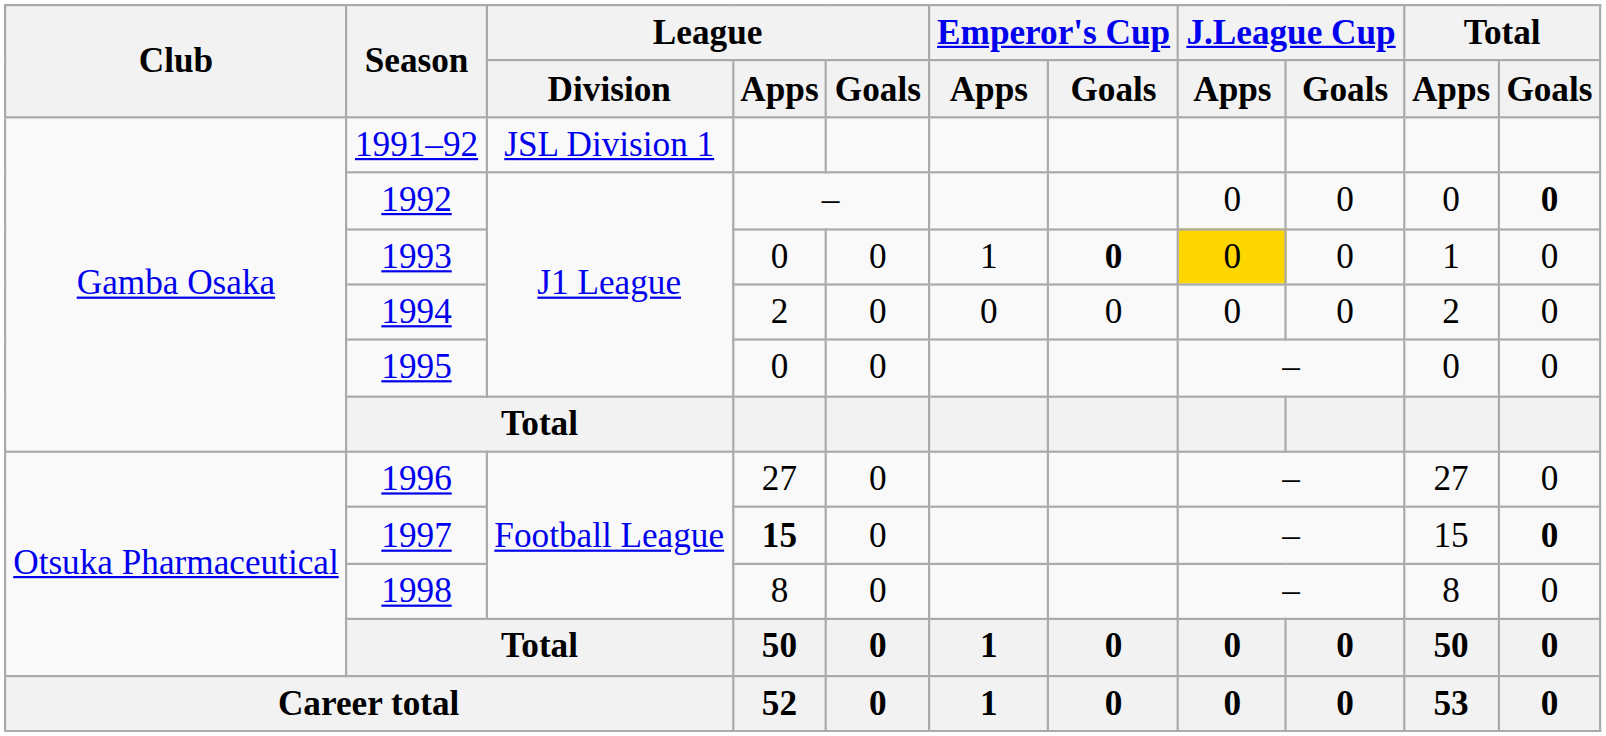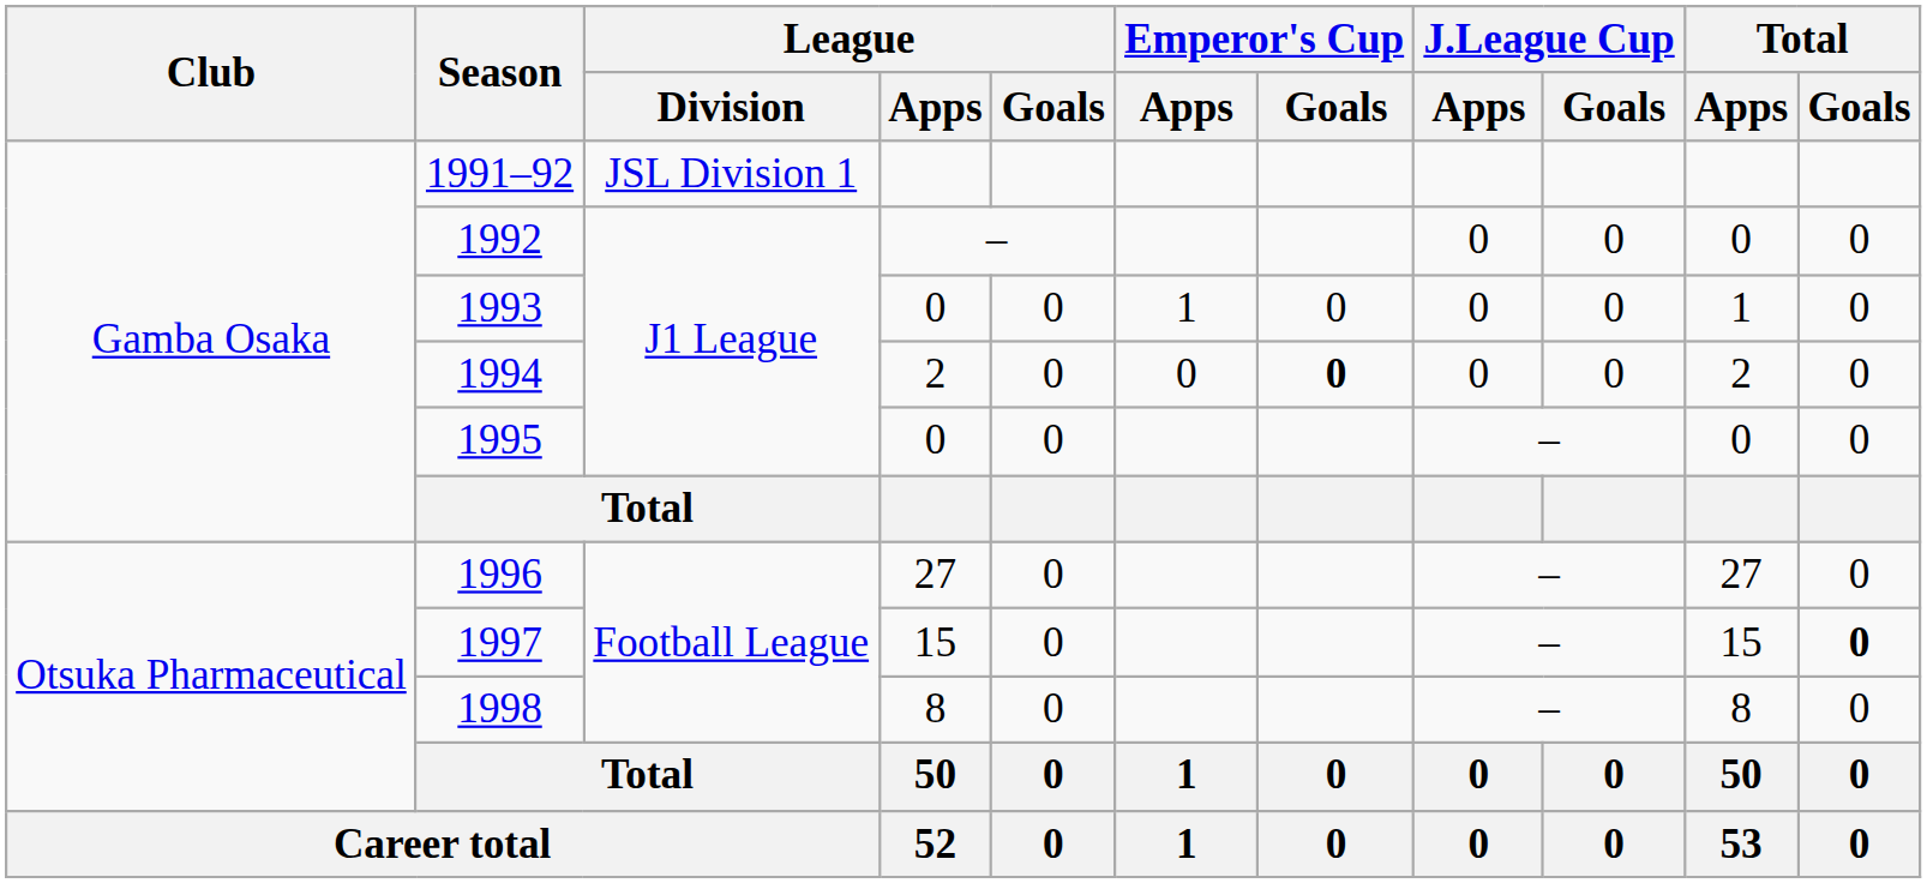 <table class="wikitable" style="text-align:center">
 <tr>
 <th rowspan="2">Club</th>
 <th rowspan="2">Season</th>
 <th colspan="3">League</th>
 <th colspan="2"><a href='#'>Emperor's Cup</a></th>
 <th colspan="2"><a href='#'>J.League Cup</a></th>
 <th colspan="2">Total</th>
 </tr>
 <tr>
 <th>Division</th>
 <th>Apps</th>
 <th>Goals</th>
 <th>Apps</th>
 <th>Goals</th>
 <th>Apps</th>
 <th>Goals</th>
 <th>Apps</th>
 <th>Goals</th>
 </tr>
 <tr>
 <td rowspan="6"><a href='#'>Gamba Osaka</a></td>
 <td><a href='#'>1991–92</a></td>
 <td><a href='#'>JSL Division 1</a></td>
 <td></td>
 <td></td>
 <td></td>
 <td></td>
 <td></td>
 <td></td>
 <td></td>
 <td></td>
 </tr>
 <tr>
 <td><a href='#'>1992</a></td>
 <td rowspan="4"><a href='#'>J1 League</a></td>
 <td colspan="2">–</td>
 <td></td>
 <td></td>
 <td>0</td>
 <td>0</td>
 <td>0</td>
-<td><strong>0</strong></td>
+<td>0</td>
 </tr>
 <tr>
 <td><a href='#'>1993</a></td>
 <td>0</td>
 <td>0</td>
 <td>1</td>
-<td><strong>0</strong></td>
-<td style="background: gold;">0</td>
+<td>0</td>
+<td>0</td>
 <td>0</td>
 <td>1</td>
 <td>0</td>
 </tr>
 <tr>
 <td><a href='#'>1994</a></td>
 <td>2</td>
 <td>0</td>
 <td>0</td>
-<td>0</td>
+<td><strong>0</strong></td>
 <td>0</td>
 <td>0</td>
 <td>2</td>
 <td>0</td>
 </tr>
 <tr>
 <td><a href='#'>1995</a></td>
 <td>0</td>
 <td>0</td>
 <td></td>
 <td></td>
 <td colspan="2">–</td>
 <td>0</td>
 <td>0</td>
 </tr>
 <tr>
 <th colspan="2">Total</th>
 <th></th>
 <th></th>
 <th></th>
 <th></th>
 <th></th>
 <th></th>
 <th></th>
 <th></th>
 </tr>
 <tr>
 <td rowspan="4"><a href='#'>Otsuka Pharmaceutical</a></td>
 <td><a href='#'>1996</a></td>
 <td rowspan="3"><a href='#'>Football League</a></td>
 <td>27</td>
 <td>0</td>
 <td></td>
 <td></td>
 <td colspan="2">–</td>
 <td>27</td>
 <td>0</td>
 </tr>
 <tr>
 <td><a href='#'>1997</a></td>
-<td><strong>15</strong></td>
+<td>15</td>
 <td>0</td>
 <td></td>
 <td></td>
 <td colspan="2">–</td>
 <td>15</td>
 <td><strong>0</strong></td>
 </tr>
 <tr>
 <td><a href='#'>1998</a></td>
 <td>8</td>
 <td>0</td>
 <td></td>
 <td></td>
 <td colspan="2">–</td>
 <td>8</td>
 <td>0</td>
 </tr>
 <tr>
 <th colspan="2">Total</th>
 <th>50</th>
 <th>0</th>
 <th>1</th>
 <th>0</th>
 <th>0</th>
 <th>0</th>
 <th>50</th>
 <th>0</th>
 </tr>
 <tr>
 <th colspan="3">Career total</th>
 <th>52</th>
 <th>0</th>
 <th>1</th>
 <th>0</th>
 <th>0</th>
 <th>0</th>
 <th>53</th>
 <th>0</th>
 </tr>
 </table>
